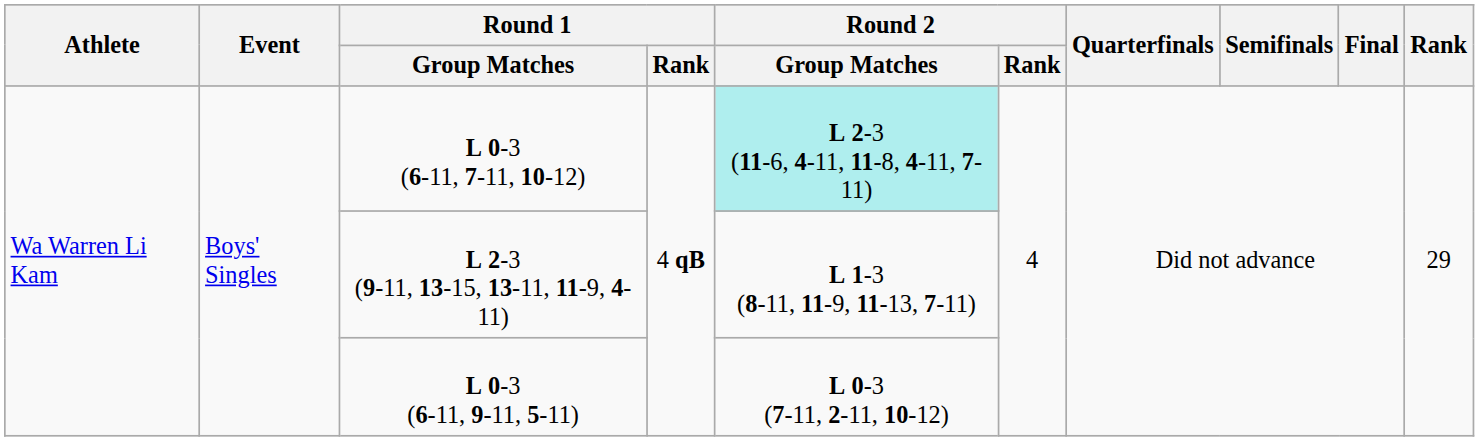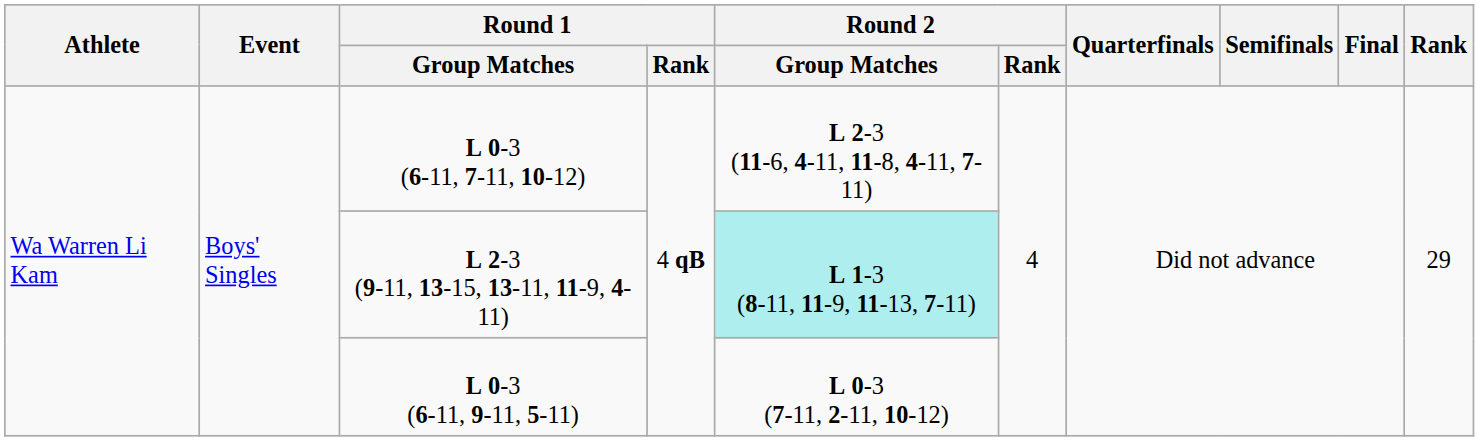 <table class="wikitable" border="1" style="font-size:90%">
 <tr>
 <th rowspan=2>Athlete</th>
 <th rowspan=2>Event</th>
 <th colspan=2>Round 1</th>
 <th colspan=2>Round 2</th>
 <th rowspan=2>Quarterfinals</th>
 <th rowspan=2>Semifinals</th>
 <th rowspan=2>Final</th>
 <th rowspan=2>Rank</th>
 </tr>
 <tr>
 <th>Group Matches</th>
 <th>Rank</th>
 <th>Group Matches</th>
 <th>Rank</th>
 </tr>
 <tr>
 <td rowspan=3><a href='#'>Wa Warren Li Kam</a></td>
 <td rowspan=3><a href='#'>Boys' Singles</a></td>
 <td align=center> <br> <strong>L</strong> <strong>0</strong>-3 <br> (<strong>6</strong>-11, <strong>7</strong>-11, <strong>10</strong>-12)</td>
 <td rowspan=3 align=center>4 <strong>qB</strong></td>
-<td align=center style="background: paleturquoise;"> <br> <strong>L</strong> <strong>2</strong>-3 <br> (<strong>11</strong>-6, <strong>4</strong>-11, <strong>11</strong>-8, <strong>4</strong>-11, <strong>7</strong>-11)</td>
+<td align=center> <br> <strong>L</strong> <strong>2</strong>-3 <br> (<strong>11</strong>-6, <strong>4</strong>-11, <strong>11</strong>-8, <strong>4</strong>-11, <strong>7</strong>-11)</td>
 <td rowspan=3 align=center>4</td>
 <td rowspan=3 colspan=3 align=center>Did not advance</td>
 <td rowspan=3 align=center>29</td>
 </tr>
 <tr>
 <td align=center> <br> <strong>L</strong> <strong>2</strong>-3 <br> (<strong>9</strong>-11, <strong>13</strong>-15, <strong>13</strong>-11, <strong>11</strong>-9, <strong>4</strong>-11)</td>
-<td align=center> <br> <strong>L</strong> <strong>1</strong>-3 <br> (<strong>8</strong>-11, <strong>11</strong>-9, <strong>11</strong>-13, <strong>7</strong>-11)</td>
+<td align=center style="background: paleturquoise;"> <br> <strong>L</strong> <strong>1</strong>-3 <br> (<strong>8</strong>-11, <strong>11</strong>-9, <strong>11</strong>-13, <strong>7</strong>-11)</td>
 </tr>
 <tr>
 <td align=center> <br> <strong>L</strong> <strong>0</strong>-3 <br> (<strong>6</strong>-11, <strong>9</strong>-11, <strong>5</strong>-11)</td>
 <td align=center> <br> <strong>L</strong> <strong>0</strong>-3 <br> (<strong>7</strong>-11, <strong>2</strong>-11, <strong>10</strong>-12)</td>
 </tr>
 </table>
